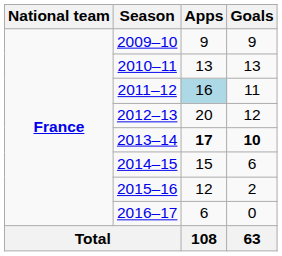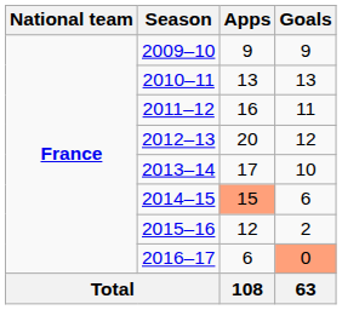 <table class="wikitable" style="text-align:center">
 <tr>
 <th>National team</th>
 <th>Season</th>
 <th>Apps</th>
 <th>Goals</th>
 </tr>
 <tr>
 <td rowspan=8 valign="center"><strong><a href='#'>France</a></strong></td>
 <td><a href='#'>2009–10</a></td>
 <td>9</td>
 <td>9</td>
 </tr>
 <tr>
 <td><a href='#'>2010–11</a></td>
 <td>13</td>
 <td>13</td>
 </tr>
 <tr>
 <td><a href='#'>2011–12</a></td>
-<td style="background: lightblue;">16</td>
+<td>16</td>
 <td>11</td>
 </tr>
 <tr>
 <td><a href='#'>2012–13</a></td>
 <td>20</td>
 <td>12</td>
 </tr>
 <tr>
 <td><a href='#'>2013–14</a></td>
-<td><strong>17</strong></td>
-<td><strong>10</strong></td>
+<td>17</td>
+<td>10</td>
 </tr>
 <tr>
 <td><a href='#'>2014–15</a></td>
-<td>15</td>
+<td style="background: lightsalmon;">15</td>
 <td>6</td>
 </tr>
 <tr>
 <td><a href='#'>2015–16</a></td>
 <td>12</td>
 <td>2</td>
 </tr>
 <tr>
 <td><a href='#'>2016–17</a></td>
 <td>6</td>
-<td>0</td>
+<td style="background: lightsalmon;">0</td>
 </tr>
 <tr>
 <th colspan=2>Total</th>
 <th>108</th>
 <th>63</th>
 </tr>
 </table>
